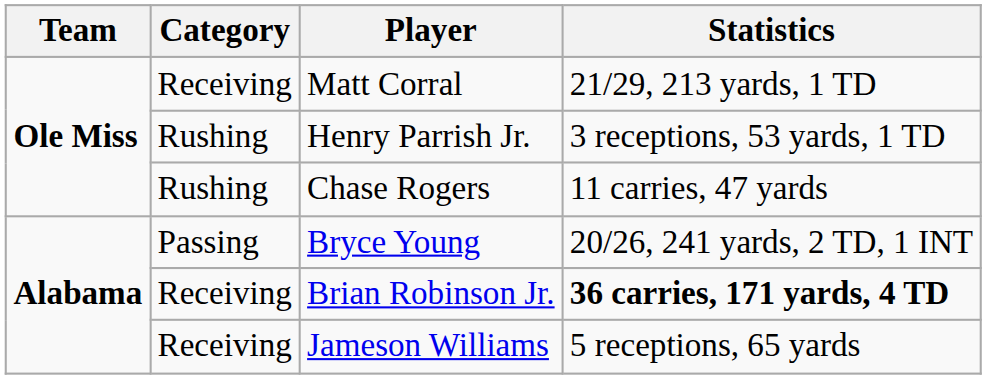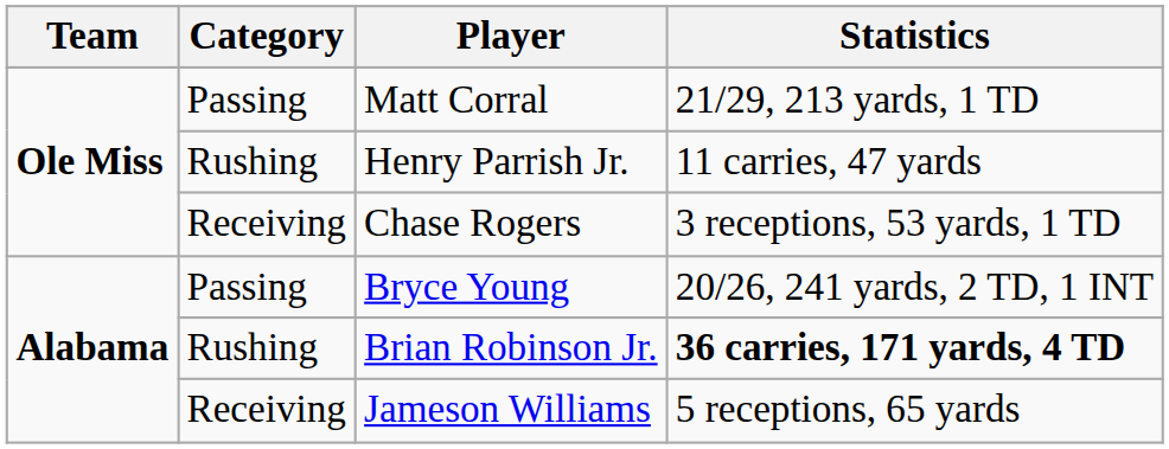 <table class="wikitable" style="float: right;">
 <tr>
 <th>Team</th>
 <th>Category</th>
 <th>Player</th>
 <th>Statistics</th>
 </tr>
 <tr>
 <td rowspan=3><strong>Ole Miss</strong></td>
-<td>Receiving</td>
+<td>Passing</td>
 <td>Matt Corral</td>
 <td>21/29, 213 yards, 1 TD</td>
 </tr>
 <tr>
 <td>Rushing</td>
 <td>Henry Parrish Jr.</td>
-<td>3 receptions, 53 yards, 1 TD</td>
+<td>11 carries, 47 yards</td>
 </tr>
 <tr>
-<td>Rushing</td>
+<td>Receiving</td>
 <td>Chase Rogers</td>
-<td>11 carries, 47 yards</td>
+<td>3 receptions, 53 yards, 1 TD</td>
 </tr>
 <tr>
 <td rowspan=3><strong>Alabama</strong></td>
 <td>Passing</td>
 <td><a href='#'>Bryce Young</a></td>
 <td>20/26, 241 yards, 2 TD, 1 INT</td>
 </tr>
 <tr>
-<td>Receiving</td>
+<td>Rushing</td>
 <td><a href='#'>Brian Robinson Jr.</a></td>
 <td><strong>36 carries, 171 yards, 4 TD</strong></td>
 </tr>
 <tr>
 <td>Receiving</td>
 <td><a href='#'>Jameson Williams</a></td>
 <td>5 receptions, 65 yards</td>
 </tr>
 </table>
